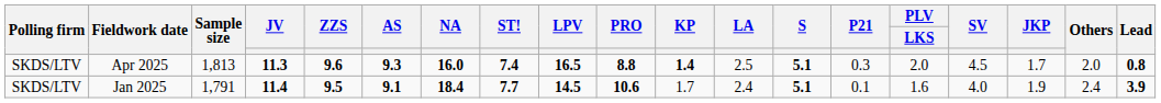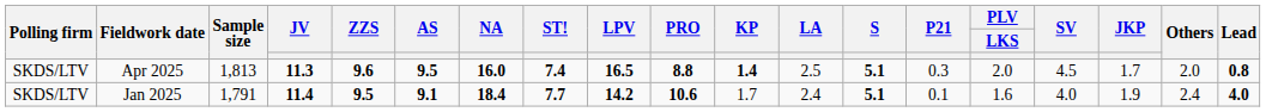 <table class="wikitable sortable mw-datatable" style="text-align:center;font-size:90%;line-height:14px;">
 <tr>
 <th rowspan="3">Polling firm</th>
 <th rowspan="3" class="unsortable">Fieldwork date</th>
 <th rowspan="3" class="unsortable">Sample<br>size</th>
 <th rowspan="2" class="unsortable" style="width:50px;"><a href='#'>JV</a></th>
 <th rowspan="2" class="unsortable" style="width:50px;"><a href='#'>ZZS</a></th>
 <th rowspan="2" class="unsortable" style="width:50px;"><a href='#'>AS</a></th>
 <th rowspan="2" class="unsortable" style="width:50px;"><a href='#'>NA</a></th>
 <th rowspan="2" class="unsortable" style="width:50px;"><a href='#'>ST!</a></th>
 <th rowspan="2" class="unsortable" style="width:50px;"><a href='#'>LPV</a></th>
 <th rowspan="2" class="unsortable" style="width:50px;"><a href='#'>PRO</a></th>
 <th rowspan="2" class="unsortable" style="width:50px;"><a href='#'>KP</a></th>
 <th rowspan="2" class="unsortable" style="width:50px;"><a href='#'>LA</a></th>
 <th rowspan="2" class="unsortable" style="width:50px;"><a href='#'>S</a></th>
 <th rowspan="2" class="unsortable" style="width:50px;"><a href='#'>P21</a></th>
 <th class="unsortable" style="width:50px;"><a href='#'>PLV</a></th>
 <th rowspan="2" class="unsortable" style="width:50px;"><a href='#'>SV</a></th>
 <th rowspan="2" class="unsortable" style="width:50px;"><a href='#'>JKP</a></th>
 <th rowspan="3" class="unsortable" style="width:30px;">Others</th>
 <th rowspan="3" class="unsortable" style="width:30px;">Lead</th>
 </tr>
 <tr>
 <th class="unsortable" style="width:50px;"><a href='#'>LKS</a></th>
 </tr>
 <tr>
 <th data-sort-type="number" style="background:"></th>
 <th data-sort-type="number" style="background:"></th>
 <th data-sort-type="number" style="background:"></th>
 <th data-sort-type="number" style="background:"></th>
 <th data-sort-type="number" style="background:"></th>
 <th data-sort-type="number" style="background:"></th>
 <th data-sort-type="number" style="background:"></th>
 <th data-sort-type="number" style="background:"></th>
 <th data-sort-type="number" style="background:"></th>
 <th data-sort-type="number" style="background:"></th>
 <th data-sort-type="number" style="background:"></th>
 <th data-sort-type="number" style="background:"></th>
 <th data-sort-type="number" style="background:"></th>
 <th data-sort-type="number" style="background:"></th>
 </tr>
 <tr>
 <td>SKDS/LTV</td>
 <td>Apr 2025</td>
 <td>1,813</td>
 <td><strong>11.3</strong></td>
 <td><strong>9.6</strong></td>
-<td><strong>9.3</strong></td>
+<td><strong>9.5</strong></td>
 <td><strong>16.0</strong></td>
 <td><strong>7.4</strong></td>
 <td style="background:"><strong>16.5</strong></td>
 <td><strong>8.8</strong></td>
 <td><strong>1.4</strong></td>
 <td>2.5</td>
 <td><strong>5.1</strong></td>
 <td>0.3</td>
 <td>2.0</td>
 <td>4.5</td>
 <td>1.7</td>
 <td>2.0</td>
 <td style="background:"><strong>0.8</strong></td>
 </tr>
 <tr>
 <td>SKDS/LTV</td>
 <td>Jan 2025</td>
 <td>1,791</td>
 <td><strong>11.4</strong></td>
 <td><strong>9.5</strong></td>
 <td><strong>9.1</strong></td>
 <td style="background:"><strong>18.4</strong></td>
 <td><strong>7.7</strong></td>
-<td><strong>14.5</strong></td>
+<td><strong>14.2</strong></td>
 <td><strong>10.6</strong></td>
 <td>1.7</td>
 <td>2.4</td>
 <td><strong>5.1</strong></td>
 <td>0.1</td>
 <td>1.6</td>
 <td>4.0</td>
 <td>1.9</td>
 <td>2.4</td>
-<td style="background:"><strong>3.9</strong></td>
+<td style="background:"><strong>4.0</strong></td>
 </tr>
 </table>
